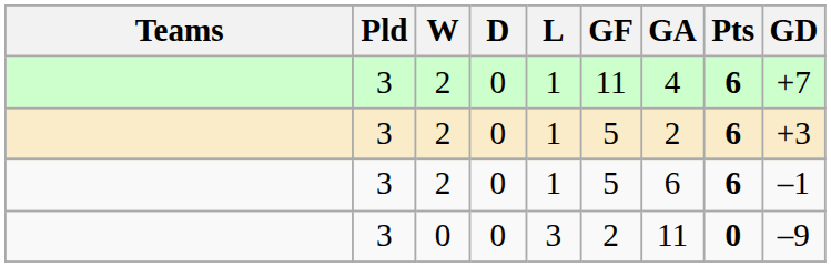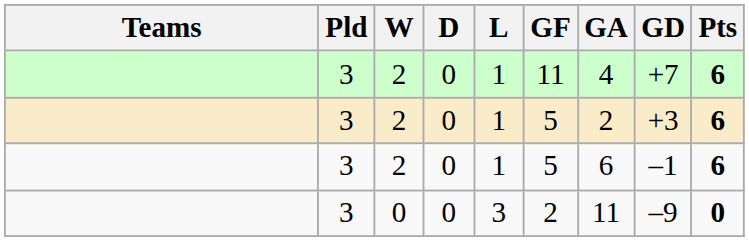 <table class="wikitable" style="text-align: center;">
 <tr>
 <th width=165>Teams</th>
 <th width=20>Pld</th>
 <th width=20>W</th>
 <th width=20>D</th>
 <th width=20>L</th>
 <th width=20>GF</th>
 <th width=20>GA</th>
+<th width=20>GD</th>
 <th width=20>Pts</th>
-<th width=20>GD</th>
 </tr>
 <tr align=center style="background:#ccffcc;">
 <td style="text-align:left;"></td>
 <td>3</td>
 <td>2</td>
 <td>0</td>
 <td>1</td>
 <td>11</td>
 <td>4</td>
+<td>+7</td>
 <td><strong>6</strong></td>
-<td>+7</td>
 </tr>
 <tr align=center style="background:#faecc8;">
 <td style="text-align:left;"></td>
 <td>3</td>
 <td>2</td>
 <td>0</td>
 <td>1</td>
 <td>5</td>
 <td>2</td>
+<td>+3</td>
 <td><strong>6</strong></td>
-<td>+3</td>
 </tr>
 <tr align=center>
 <td style="text-align:left;"></td>
 <td>3</td>
 <td>2</td>
 <td>0</td>
 <td>1</td>
 <td>5</td>
 <td>6</td>
+<td>–1</td>
 <td><strong>6</strong></td>
-<td>–1</td>
 </tr>
 <tr align=center>
 <td style="text-align:left;"></td>
 <td>3</td>
 <td>0</td>
 <td>0</td>
 <td>3</td>
 <td>2</td>
 <td>11</td>
+<td>–9</td>
 <td><strong>0</strong></td>
-<td>–9</td>
 </tr>
 </table>
